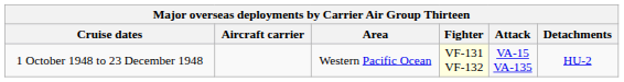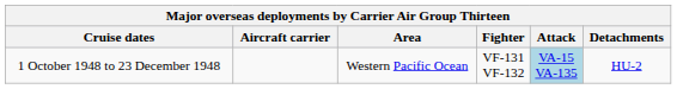 <table class="wikitable" width=90% style="text-align: center">
 <tr>
 <th colspan=6>Major overseas deployments by Carrier Air Group Thirteen</th>
 </tr>
 <tr bgcolor=lavender>
 <th>Cruise dates</th>
 <th>Aircraft carrier</th>
 <th>Area</th>
 <th>Fighter</th>
 <th>Attack</th>
 <th>Detachments</th>
 </tr>
 <tr>
 <td>1 October 1948 to 23 December 1948</td>
 <td></td>
 <td>Western <a href='#'>Pacific Ocean</a></td>
-<td style="background: lightyellow;">VF-131<br>VF-132</td>
-<td><a href='#'>VA-15</a><br><a href='#'>VA-135</a></td>
+<td>VF-131<br>VF-132</td>
+<td style="background: lightblue;"><a href='#'>VA-15</a><br><a href='#'>VA-135</a></td>
 <td><a href='#'>HU-2</a></td>
 </tr>
 </table>
